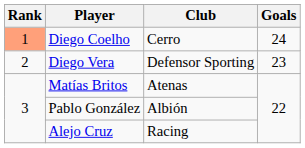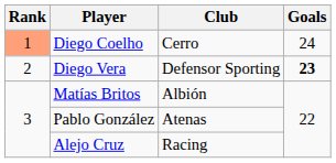 <table class="wikitable" border="1">
 <tr>
 <th>Rank</th>
 <th>Player</th>
 <th>Club</th>
 <th>Goals</th>
 </tr>
 <tr>
 <td align=center style="background: lightsalmon;">1</td>
 <td> <a href='#'>Diego Coelho</a></td>
 <td>Cerro</td>
 <td align=center>24</td>
 </tr>
 <tr>
 <td align=center>2</td>
 <td> <a href='#'>Diego Vera</a></td>
 <td>Defensor Sporting</td>
-<td align=center>23</td>
+<td align=center><strong>23</strong></td>
 </tr>
 <tr>
 <td rowspan=3 align=center>3</td>
 <td> <a href='#'>Matías Britos</a></td>
-<td>Atenas</td>
+<td>Albión</td>
 <td rowspan=3 align=center>22</td>
 </tr>
 <tr>
 <td> Pablo González</td>
-<td>Albión</td>
+<td>Atenas</td>
 </tr>
 <tr>
 <td> <a href='#'>Alejo Cruz</a></td>
 <td>Racing</td>
 </tr>
 </table>
